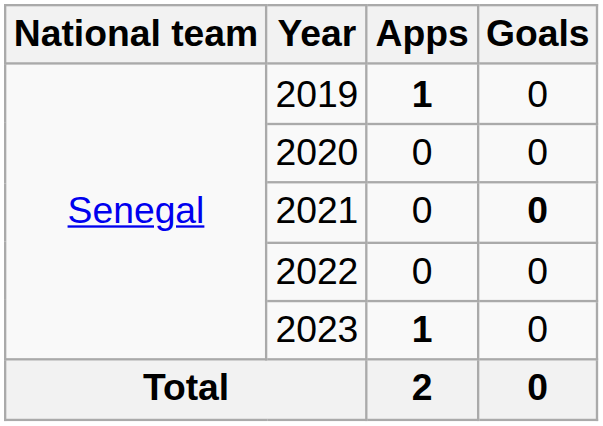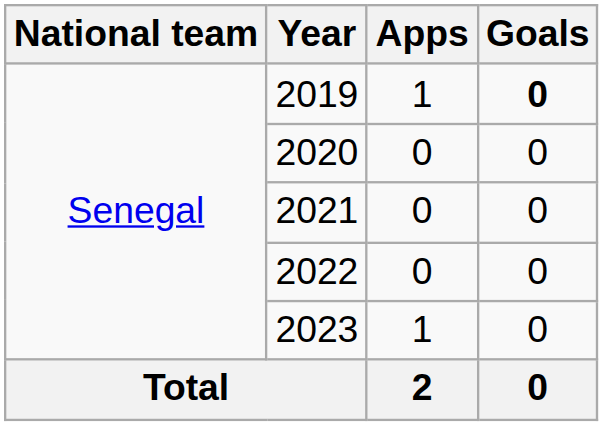 <table class="wikitable" style="text-align:center">
 <tr>
 <th>National team</th>
 <th>Year</th>
 <th>Apps</th>
 <th>Goals</th>
 </tr>
 <tr>
 <td rowspan="5"><a href='#'>Senegal</a></td>
 <td>2019</td>
-<td><strong>1</strong></td>
-<td>0</td>
+<td>1</td>
+<td><strong>0</strong></td>
 </tr>
 <tr>
 <td>2020</td>
 <td>0</td>
 <td>0</td>
 </tr>
 <tr>
 <td>2021</td>
 <td>0</td>
-<td><strong>0</strong></td>
+<td>0</td>
 </tr>
 <tr>
 <td>2022</td>
 <td>0</td>
 <td>0</td>
 </tr>
 <tr>
 <td>2023</td>
-<td><strong>1</strong></td>
+<td>1</td>
 <td>0</td>
 </tr>
 <tr>
 <th colspan="2">Total</th>
 <th>2</th>
 <th>0</th>
 </tr>
 </table>
